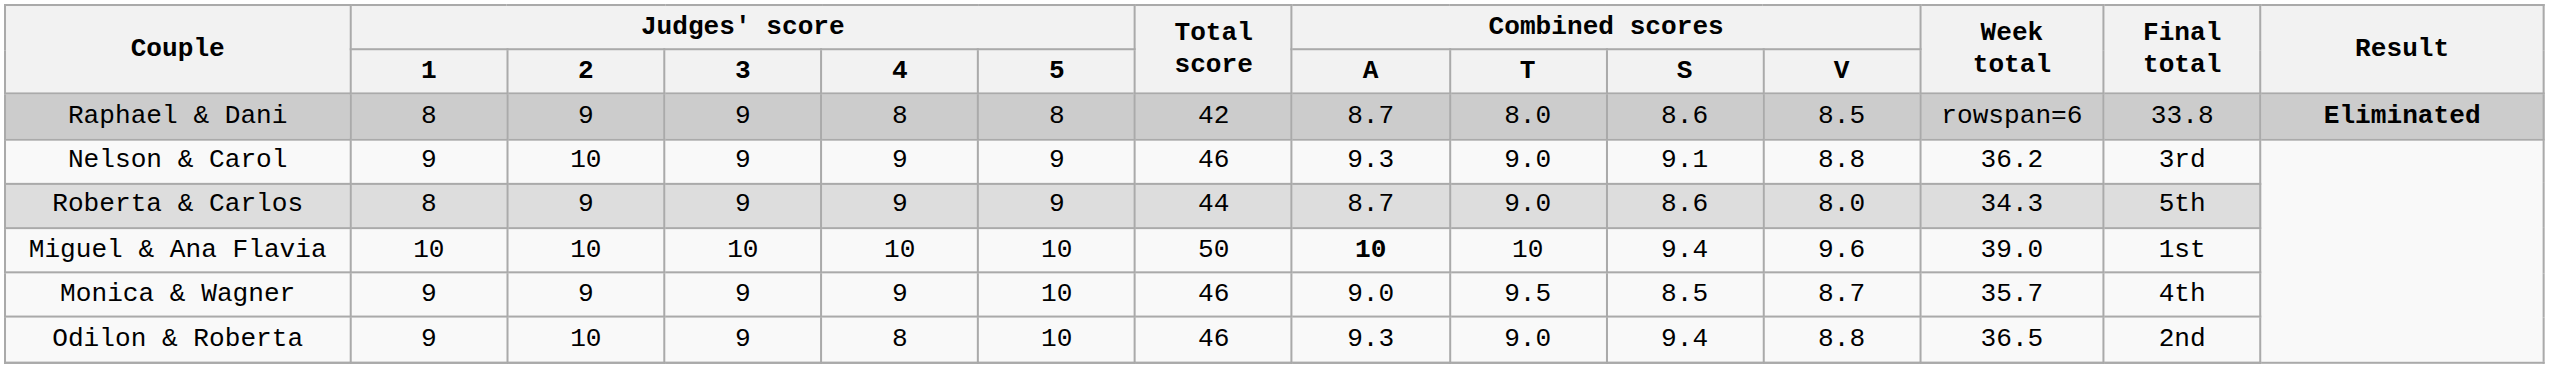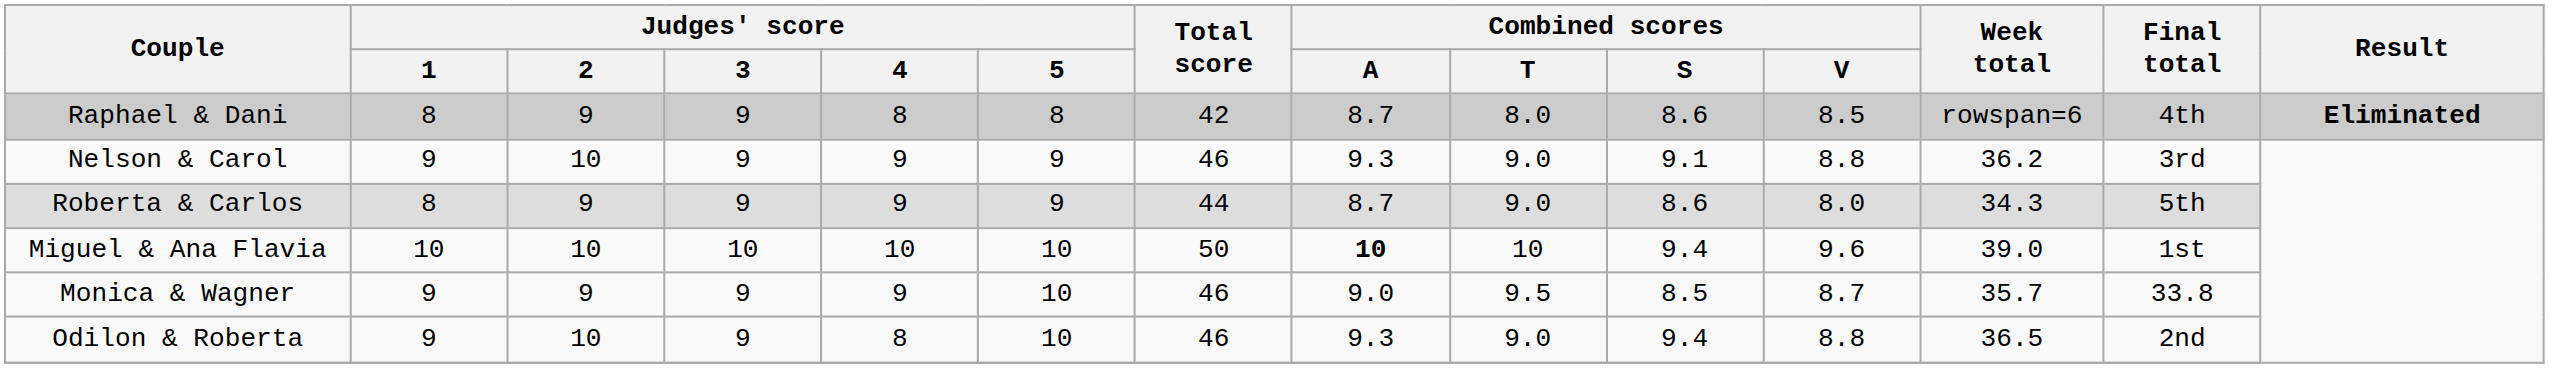 <table class="wikitable" style="font-size:100%; line-height:16px; text-align:center" width="100%">
 <tr>
 <th rowspan=2 width="11.00%">Couple</th>
 <th colspan=5 width="25.00%">Judges' score</th>
 <th rowspan=2 width="05.00%">Total<br>score</th>
 <th colspan=4 width="20.00%">Combined scores</th>
 <th rowspan=2 width="05.00%">Week<br>total</th>
 <th rowspan=2 width="05.00%">Final<br>total</th>
 <th rowspan=2 width="09.00%">Result</th>
 </tr>
 <tr>
 <th width="05.00%">1</th>
 <th width="05.00%">2</th>
 <th width="05.00%">3</th>
 <th width="05.00%">4</th>
 <th width="05.00%">5</th>
 <th width="05.00%">A</th>
 <th width="05.00%">T</th>
 <th width="05.00%">S</th>
 <th width="05.00%">V</th>
 </tr>
 <tr bgcolor="CCCCCC">
 <td>Raphael & Dani</td>
 <td>8</td>
 <td>9</td>
 <td>9</td>
 <td>8</td>
 <td>8</td>
 <td>42</td>
 <td>8.7</td>
 <td>8.0</td>
 <td>8.6</td>
 <td>8.5</td>
 <td>rowspan=6 </td>
-<td>33.8</td>
+<td>4th</td>
 <td><strong>Eliminated</strong></td>
 </tr>
 <tr>
 <td>Nelson & Carol</td>
 <td>9</td>
 <td>10</td>
 <td>9</td>
 <td>9</td>
 <td>9</td>
 <td>46</td>
 <td>9.3</td>
 <td>9.0</td>
 <td>9.1</td>
 <td>8.8</td>
 <td>36.2</td>
 <td>3rd</td>
 </tr>
 <tr bgcolor="DDDDDD">
 <td>Roberta & Carlos</td>
 <td>8</td>
 <td>9</td>
 <td>9</td>
 <td>9</td>
 <td>9</td>
 <td>44</td>
 <td>8.7</td>
 <td>9.0</td>
 <td>8.6</td>
 <td>8.0</td>
 <td>34.3</td>
 <td>5th</td>
 </tr>
 <tr>
 <td>Miguel & Ana Flavia</td>
 <td>10</td>
 <td>10</td>
 <td>10</td>
 <td>10</td>
 <td>10</td>
 <td>50</td>
 <td><strong>10</strong></td>
 <td>10</td>
 <td>9.4</td>
 <td>9.6</td>
 <td>39.0</td>
 <td>1st</td>
 </tr>
 <tr>
 <td>Monica & Wagner</td>
 <td>9</td>
 <td>9</td>
 <td>9</td>
 <td>9</td>
 <td>10</td>
 <td>46</td>
 <td>9.0</td>
 <td>9.5</td>
 <td>8.5</td>
 <td>8.7</td>
 <td>35.7</td>
-<td>4th</td>
+<td>33.8</td>
 </tr>
 <tr>
 <td>Odilon & Roberta</td>
 <td>9</td>
 <td>10</td>
 <td>9</td>
 <td>8</td>
 <td>10</td>
 <td>46</td>
 <td>9.3</td>
 <td>9.0</td>
 <td>9.4</td>
 <td>8.8</td>
 <td>36.5</td>
 <td>2nd</td>
 </tr>
 <tr>
 </tr>
 </table>
